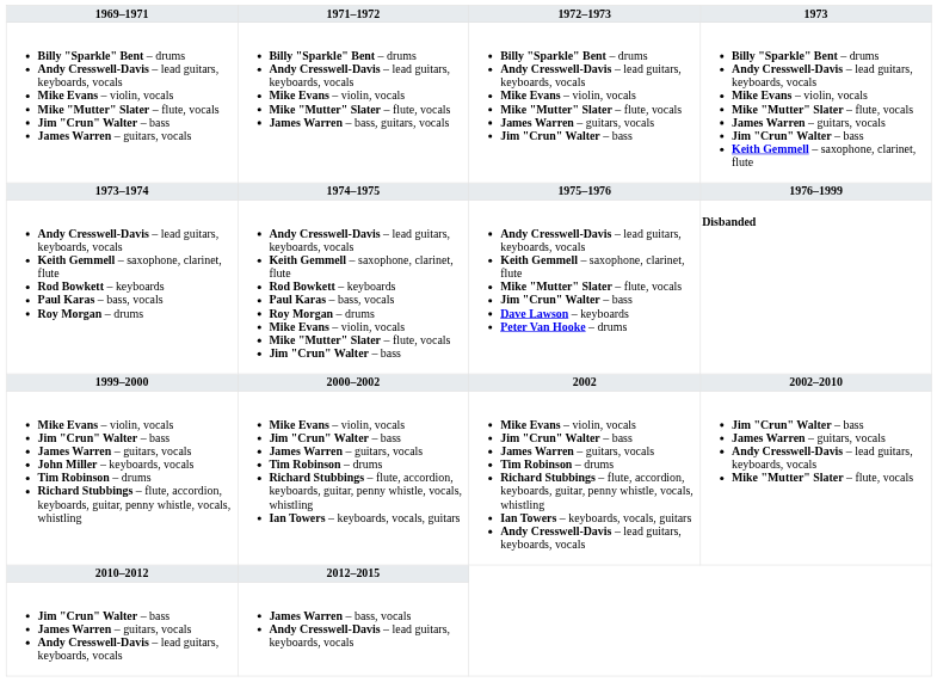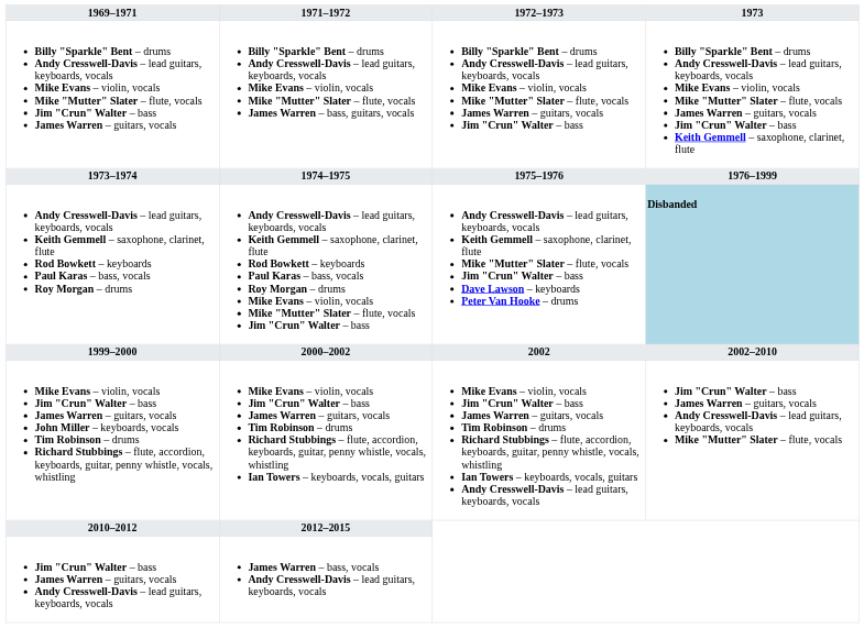 <table class="toccolours" border="1" cellpadding="2" cellspacing="0"  style="float:width:375px; margin:0 0 1em 1em; border-collapse:collapse; border:1px solid #e2e2e2; width:99%;">
 <tr>
 <th style="vertical-align:top; background:#e7ebee; width:25%;">1969–1971</th>
 <th style="vertical-align:top; background:#e7ebee; width:25%;">1971–1972</th>
 <th style="vertical-align:top; background:#e7ebee; width:25%;">1972–1973</th>
 <th style="vertical-align:top; background:#e7ebee; width:25%;">1973</th>
 </tr>
 <tr>
 <td valign=top><br><ul><li><strong>Billy "Sparkle" Bent</strong> – drums</li><li><strong>Andy Cresswell-Davis</strong> – lead guitars, keyboards, vocals</li><li><strong>Mike Evans</strong> – violin, vocals</li><li><strong>Mike "Mutter" Slater</strong> – flute, vocals</li><li><strong>Jim "Crun" Walter</strong> – bass</li><li><strong>James Warren</strong> – guitars, vocals</li></ul></td>
 <td valign=top><br><ul><li><strong>Billy "Sparkle" Bent</strong> – drums</li><li><strong>Andy Cresswell-Davis</strong> – lead guitars, keyboards, vocals</li><li><strong>Mike Evans</strong> – violin, vocals</li><li><strong>Mike "Mutter" Slater</strong> – flute, vocals</li><li><strong>James Warren</strong> – bass, guitars, vocals</li></ul></td>
 <td valign=top><br><ul><li><strong>Billy "Sparkle" Bent</strong> – drums</li><li><strong>Andy Cresswell-Davis</strong> – lead guitars, keyboards, vocals</li><li><strong>Mike Evans</strong> – violin, vocals</li><li><strong>Mike "Mutter" Slater</strong> – flute, vocals</li><li><strong>James Warren</strong> – guitars, vocals</li><li><strong>Jim "Crun" Walter</strong> – bass</li></ul></td>
 <td valign=top><br><ul><li><strong>Billy "Sparkle" Bent</strong> – drums</li><li><strong>Andy Cresswell-Davis</strong> – lead guitars, keyboards, vocals</li><li><strong>Mike Evans</strong> – violin, vocals</li><li><strong>Mike "Mutter" Slater</strong> – flute, vocals</li><li><strong>James Warren</strong> – guitars, vocals</li><li><strong>Jim "Crun" Walter</strong> – bass</li><li><strong><a href='#'>Keith Gemmell</a></strong> – saxophone, clarinet, flute</li></ul></td>
 </tr>
 <tr>
 <th style="vertical-align:top; background:#e7ebee; width:25%;">1973–1974</th>
 <th style="vertical-align:top; background:#e7ebee; width:25%;">1974–1975</th>
 <th style="vertical-align:top; background:#e7ebee; width:25%;">1975–1976</th>
 <th style="vertical-align:top; background:#e7ebee; width:25%;">1976–1999</th>
 </tr>
 <tr>
 <td valign=top><br><ul><li><strong>Andy Cresswell-Davis</strong> – lead guitars, keyboards, vocals</li><li><strong>Keith Gemmell</strong> – saxophone, clarinet, flute</li><li><strong>Rod Bowkett</strong> – keyboards</li><li><strong>Paul Karas</strong> – bass, vocals</li><li><strong>Roy Morgan</strong> – drums</li></ul></td>
 <td valign=top><br><ul><li><strong>Andy Cresswell-Davis</strong> – lead guitars, keyboards, vocals</li><li><strong>Keith Gemmell</strong> – saxophone, clarinet, flute</li><li><strong>Rod Bowkett</strong> – keyboards</li><li><strong>Paul Karas</strong> – bass, vocals</li><li><strong>Roy Morgan</strong> – drums</li><li><strong>Mike Evans</strong> – violin, vocals</li><li><strong>Mike "Mutter" Slater</strong> – flute, vocals</li><li><strong>Jim "Crun" Walter</strong> – bass</li></ul></td>
 <td valign=top><br><ul><li><strong>Andy Cresswell-Davis</strong> – lead guitars, keyboards, vocals</li><li><strong>Keith Gemmell</strong> – saxophone, clarinet, flute</li><li><strong>Mike "Mutter" Slater</strong> – flute, vocals</li><li><strong>Jim "Crun" Walter</strong> – bass</li><li><strong><a href='#'>Dave Lawson</a></strong> – keyboards</li><li><strong><a href='#'>Peter Van Hooke</a></strong> – drums</li></ul></td>
-<td valign=top><br><strong>Disbanded</strong></td>
+<td valign=top style="background: lightblue;"><br><strong>Disbanded</strong></td>
 </tr>
 <tr>
 <th style="vertical-align:top; background:#e7ebee; width:25%;">1999–2000</th>
 <th style="vertical-align:top; background:#e7ebee; width:25%;">2000–2002</th>
 <th style="vertical-align:top; background:#e7ebee; width:25%;">2002</th>
 <th style="vertical-align:top; background:#e7ebee; width:25%;">2002–2010</th>
 </tr>
 <tr>
 <td valign=top><br><ul><li><strong>Mike Evans</strong> – violin, vocals</li><li><strong>Jim "Crun" Walter</strong> – bass</li><li><strong>James Warren</strong> – guitars, vocals</li><li><strong>John Miller</strong> – keyboards, vocals</li><li><strong>Tim Robinson</strong> – drums</li><li><strong>Richard Stubbings</strong> – flute, accordion, keyboards, guitar, penny whistle, vocals, whistling</li></ul></td>
 <td valign=top><br><ul><li><strong>Mike Evans</strong> – violin, vocals</li><li><strong>Jim "Crun" Walter</strong> – bass</li><li><strong>James Warren</strong> – guitars, vocals</li><li><strong>Tim Robinson</strong> – drums</li><li><strong>Richard Stubbings</strong> – flute, accordion, keyboards, guitar, penny whistle, vocals, whistling</li><li><strong>Ian Towers</strong> – keyboards, vocals, guitars</li></ul></td>
 <td valign=top><br><ul><li><strong>Mike Evans</strong> – violin, vocals</li><li><strong>Jim "Crun" Walter</strong> – bass</li><li><strong>James Warren</strong> – guitars, vocals</li><li><strong>Tim Robinson</strong> – drums</li><li><strong>Richard Stubbings</strong> – flute, accordion, keyboards, guitar, penny whistle, vocals, whistling</li><li><strong>Ian Towers</strong> – keyboards, vocals, guitars</li><li><strong>Andy Cresswell-Davis</strong> – lead guitars, keyboards, vocals</li></ul></td>
 <td valign=top><br><ul><li><strong>Jim "Crun" Walter</strong> – bass</li><li><strong>James Warren</strong> – guitars, vocals</li><li><strong>Andy Cresswell-Davis</strong> – lead guitars, keyboards, vocals</li><li><strong>Mike "Mutter" Slater</strong> – flute, vocals</li></ul></td>
 </tr>
 <tr>
 <th style="vertical-align:top; background:#e7ebee; width:25%;">2010–2012</th>
 <th style="vertical-align:top; background:#e7ebee; width:25%;">2012–2015</th>
 </tr>
 <tr>
 <td valign=top><br><ul><li><strong>Jim "Crun" Walter</strong> – bass</li><li><strong>James Warren</strong> – guitars, vocals</li><li><strong>Andy Cresswell-Davis</strong> – lead guitars, keyboards, vocals</li></ul></td>
 <td valign=top><br><ul><li><strong>James Warren</strong> – bass, vocals</li><li><strong>Andy Cresswell-Davis</strong> – lead guitars, keyboards, vocals</li></ul></td>
 </tr>
 </table>
